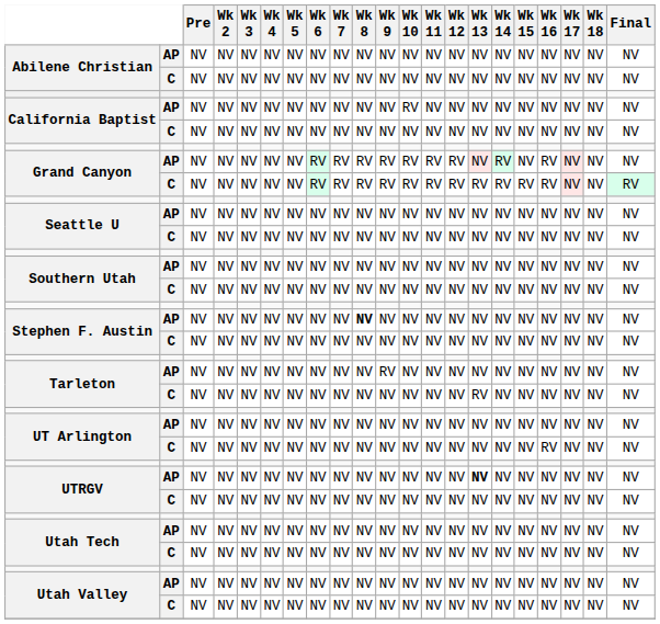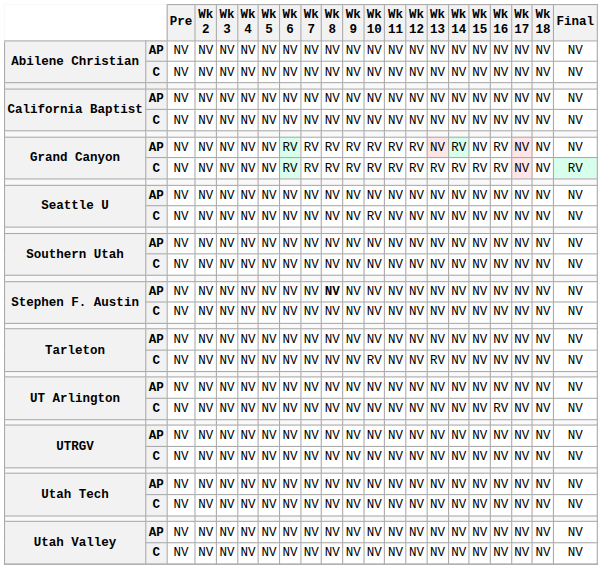 <table class="wikitable" style="white-space:nowrap;font-size:90%;text-align:center;">
 <tr>
 <th colspan=2 style="background:white; border-top-style:hidden; border-left-style:hidden;"> </th>
 <th>Pre</th>
 <th>Wk<br>2</th>
 <th>Wk<br>3</th>
 <th>Wk<br>4</th>
 <th>Wk<br>5</th>
 <th>Wk<br>6</th>
 <th>Wk<br>7</th>
 <th>Wk<br>8</th>
 <th>Wk<br>9</th>
 <th>Wk<br>10</th>
 <th>Wk<br>11</th>
 <th>Wk<br>12</th>
 <th>Wk<br>13</th>
 <th>Wk<br>14</th>
 <th>Wk<br>15</th>
 <th>Wk<br>16</th>
 <th>Wk<br>17</th>
 <th>Wk<br>18</th>
 <th>Final</th>
 </tr>
 <tr>
 <th rowspan=2 style=>Abilene Christian</th>
 <th>AP</th>
 <td style="background:#FFF;">NV</td>
 <td style="background:#FFF;">NV</td>
 <td style="background:#FFF;">NV</td>
 <td style="background:#FFF;">NV</td>
 <td style="background:#FFF;">NV</td>
 <td style="background:#FFF;">NV</td>
 <td style="background:#FFF;">NV</td>
 <td style="background:#FFF;">NV</td>
 <td style="background:#FFF;">NV</td>
 <td style="background:#FFF;">NV</td>
 <td style="background:#FFF;">NV</td>
 <td style="background:#FFF;">NV</td>
 <td style="background:#FFF;">NV</td>
 <td style="background:#FFF;">NV</td>
 <td style="background:#FFF;">NV</td>
 <td style="background:#FFF;">NV</td>
 <td style="background:#FFF;">NV</td>
 <td style="background:#FFF;">NV</td>
 <td style="background:#FFF;">NV</td>
 </tr>
 <tr>
 <th>C</th>
 <td style="background:#FFF;">NV</td>
 <td style="background:#FFF;">NV</td>
 <td style="background:#FFF;">NV</td>
 <td style="background:#FFF;">NV</td>
 <td style="background:#FFF;">NV</td>
 <td style="background:#FFF;">NV</td>
 <td style="background:#FFF;">NV</td>
 <td style="background:#FFF;">NV</td>
 <td style="background:#FFF;">NV</td>
 <td style="background:#FFF;">NV</td>
 <td style="background:#FFF;">NV</td>
 <td style="background:#FFF;">NV</td>
 <td style="background:#FFF;">NV</td>
 <td style="background:#FFF;">NV</td>
 <td style="background:#FFF;">NV</td>
 <td style="background:#FFF;">NV</td>
 <td style="background:#FFF;">NV</td>
 <td style="background:#FFF;">NV</td>
 <td style="background:#FFF;">NV</td>
 </tr>
 <tr>
 <th></th>
 <th></th>
 <td></td>
 <td></td>
 <td></td>
 <td></td>
 <td></td>
 <td></td>
 <td></td>
 <td></td>
 <td></td>
 <td></td>
 <td></td>
 <td></td>
 <td></td>
 <td></td>
 <td></td>
 <td></td>
 <td></td>
 <td></td>
 <td></td>
 </tr>
 <tr>
 <th rowspan="2">California Baptist</th>
 <th>AP</th>
 <td style="background:#FFF;">NV</td>
 <td style="background:#FFF;">NV</td>
 <td style="background:#FFF;">NV</td>
 <td style="background:#FFF;">NV</td>
 <td style="background:#FFF;">NV</td>
 <td style="background:#FFF;">NV</td>
 <td style="background:#FFF;">NV</td>
 <td style="background:#FFF;">NV</td>
 <td style="background:#FFF;">NV</td>
-<td style="background:#FFF;">RV</td>
+<td style="background:#FFF;">NV</td>
 <td style="background:#FFF;">NV</td>
 <td style="background:#FFF;">NV</td>
 <td style="background:#FFF;">NV</td>
 <td style="background:#FFF;">NV</td>
 <td style="background:#FFF;">NV</td>
 <td style="background:#FFF;">NV</td>
 <td style="background:#FFF;">NV</td>
 <td style="background:#FFF;">NV</td>
 <td style="background:#FFF;">NV</td>
 </tr>
 <tr>
 <th>C</th>
 <td style="background:#FFF;">NV</td>
 <td style="background:#FFF;">NV</td>
 <td style="background:#FFF;">NV</td>
 <td style="background:#FFF;">NV</td>
 <td style="background:#FFF;">NV</td>
 <td style="background:#FFF;">NV</td>
 <td style="background:#FFF;">NV</td>
 <td style="background:#FFF;">NV</td>
 <td style="background:#FFF;">NV</td>
 <td style="background:#FFF;">NV</td>
 <td style="background:#FFF;">NV</td>
 <td style="background:#FFF;">NV</td>
 <td style="background:#FFF;">NV</td>
 <td style="background:#FFF;">NV</td>
 <td style="background:#FFF;">NV</td>
 <td style="background:#FFF;">NV</td>
 <td style="background:#FFF;">NV</td>
 <td style="background:#FFF;">NV</td>
 <td style="background:#FFF;">NV</td>
 </tr>
 <tr>
 <td></td>
 <td></td>
 <td></td>
 <td></td>
 <td></td>
 <td></td>
 <td></td>
 <td></td>
 <td></td>
 <td></td>
 <td></td>
 <td></td>
 <td></td>
 <td></td>
 <td></td>
 <td></td>
 <td></td>
 <td></td>
 <td></td>
 <td></td>
 <td></td>
 </tr>
 <tr>
 <th rowspan=2 style=>Grand Canyon</th>
 <th>AP</th>
 <td style="background:#FFF;">NV</td>
 <td style="background:#FFF;">NV</td>
 <td style="background:#FFF;">NV</td>
 <td style="background:#FFF;">NV</td>
 <td style="background:#FFF;">NV</td>
 <td style="background:#d8ffeb;">RV</td>
 <td style="background:#FFF;">RV</td>
 <td style="background:#FFF;">RV</td>
 <td style="background:#FFF;">RV</td>
 <td style="background:#FFF;">RV</td>
 <td style="background:#FFF;">RV</td>
 <td style="background:#FFF;">RV</td>
 <td style="background:#ffe6e6;">NV</td>
 <td style="background:#d8ffeb;">RV</td>
 <td style="background:#FFF;">NV</td>
 <td style="background:#FFF;">RV</td>
 <td style="background:#ffe6e6;">NV</td>
 <td style="background:#FFF;">NV</td>
 <td style="background:#FFF;">NV</td>
 </tr>
 <tr>
 <th>C</th>
 <td style="background:#FFF;">NV</td>
 <td style="background:#FFF;">NV</td>
 <td style="background:#FFF;">NV</td>
 <td style="background:#FFF;">NV</td>
 <td style="background:#FFF;">NV</td>
 <td style="background:#d8ffeb;">RV</td>
 <td style="background:#FFF;">RV</td>
 <td style="background:#FFF;">RV</td>
 <td style="background:#FFF;">RV</td>
 <td style="background:#FFF;">RV</td>
 <td style="background:#FFF;">RV</td>
 <td style="background:#FFF;">RV</td>
 <td style="background:#FFF;">RV</td>
 <td style="background:#FFF;">RV</td>
 <td style="background:#FFF;">RV</td>
 <td style="background:#FFF;">RV</td>
 <td style="background:#ffe6e6;">NV</td>
 <td style="background:#FFF;">NV</td>
 <td style="background:#d8ffeb;">RV</td>
 </tr>
 <tr>
 <td></td>
 <td></td>
 <td></td>
 <td></td>
 <td></td>
 <td></td>
 <td></td>
 <td></td>
 <td></td>
 <td></td>
 <td></td>
 <td></td>
 <td></td>
 <td></td>
 <td></td>
 <td></td>
 <td></td>
 <td></td>
 <td></td>
 <td></td>
 <td></td>
 </tr>
 <tr>
 <th rowspan="2">Seattle U</th>
 <th>AP</th>
 <td style="background:#FFF;">NV</td>
 <td style="background:#FFF;">NV</td>
 <td style="background:#FFF;">NV</td>
 <td style="background:#FFF;">NV</td>
 <td style="background:#FFF;">NV</td>
 <td style="background:#FFF;">NV</td>
 <td style="background:#FFF;">NV</td>
 <td style="background:#FFF;">NV</td>
 <td style="background:#FFF;">NV</td>
 <td style="background:#FFF;">NV</td>
 <td style="background:#FFF;">NV</td>
 <td style="background:#FFF;">NV</td>
 <td style="background:#FFF;">NV</td>
 <td style="background:#FFF;">NV</td>
 <td style="background:#FFF;">NV</td>
 <td style="background:#FFF;">NV</td>
 <td style="background:#FFF;">NV</td>
 <td style="background:#FFF;">NV</td>
 <td style="background:#FFF;">NV</td>
 </tr>
 <tr>
 <th>C</th>
 <td style="background:#FFF;">NV</td>
 <td style="background:#FFF;">NV</td>
 <td style="background:#FFF;">NV</td>
 <td style="background:#FFF;">NV</td>
 <td style="background:#FFF;">NV</td>
 <td style="background:#FFF;">NV</td>
 <td style="background:#FFF;">NV</td>
 <td style="background:#FFF;">NV</td>
 <td style="background:#FFF;">NV</td>
-<td style="background:#FFF;">NV</td>
+<td style="background:#FFF;">RV</td>
 <td style="background:#FFF;">NV</td>
 <td style="background:#FFF;">NV</td>
 <td style="background:#FFF;">NV</td>
 <td style="background:#FFF;">NV</td>
 <td style="background:#FFF;">NV</td>
 <td style="background:#FFF;">NV</td>
 <td style="background:#FFF;">NV</td>
 <td style="background:#FFF;">NV</td>
 <td style="background:#FFF;">NV</td>
 </tr>
 <tr>
 <td></td>
 <td></td>
 <td></td>
 <td></td>
 <td></td>
 <td></td>
 <td></td>
 <td></td>
 <td></td>
 <td></td>
 <td></td>
 <td></td>
 <td></td>
 <td></td>
 <td></td>
 <td></td>
 <td></td>
 <td></td>
 <td></td>
 <td></td>
 <td></td>
 </tr>
 <tr>
 <th rowspan=2 style=>Southern Utah</th>
 <th>AP</th>
 <td style="background:#FFF;">NV</td>
 <td style="background:#FFF;">NV</td>
 <td style="background:#FFF;">NV</td>
 <td style="background:#FFF;">NV</td>
 <td style="background:#FFF;">NV</td>
 <td style="background:#FFF;">NV</td>
 <td style="background:#FFF;">NV</td>
 <td style="background:#FFF;">NV</td>
 <td style="background:#FFF;">NV</td>
 <td style="background:#FFF;">NV</td>
 <td style="background:#FFF;">NV</td>
 <td style="background:#FFF;">NV</td>
 <td style="background:#FFF;">NV</td>
 <td style="background:#FFF;">NV</td>
 <td style="background:#FFF;">NV</td>
 <td style="background:#FFF;">NV</td>
 <td style="background:#FFF;">NV</td>
 <td style="background:#FFF;">NV</td>
 <td style="background:#FFF;">NV</td>
 </tr>
 <tr>
 <th>C</th>
 <td style="background:#FFF;">NV</td>
 <td style="background:#FFF;">NV</td>
 <td style="background:#FFF;">NV</td>
 <td style="background:#FFF;">NV</td>
 <td style="background:#FFF;">NV</td>
 <td style="background:#FFF;">NV</td>
 <td style="background:#FFF;">NV</td>
 <td style="background:#FFF;">NV</td>
 <td style="background:#FFF;">NV</td>
 <td style="background:#FFF;">NV</td>
 <td style="background:#FFF;">NV</td>
 <td style="background:#FFF;">NV</td>
 <td style="background:#FFF;">NV</td>
 <td style="background:#FFF;">NV</td>
 <td style="background:#FFF;">NV</td>
 <td style="background:#FFF;">NV</td>
 <td style="background:#FFF;">NV</td>
 <td style="background:#FFF;">NV</td>
 <td style="background:#FFF;">NV</td>
 </tr>
 <tr>
 <td></td>
 <td></td>
 <td></td>
 <td></td>
 <td></td>
 <td></td>
 <td></td>
 <td></td>
 <td></td>
 <td></td>
 <td></td>
 <td></td>
 <td></td>
 <td></td>
 <td></td>
 <td></td>
 <td></td>
 <td></td>
 <td></td>
 <td></td>
 <td></td>
 </tr>
 <tr>
 <th rowspan=2 style=>Stephen F. Austin</th>
 <th>AP</th>
 <td style="background:#FFF;">NV</td>
 <td style="background:#FFF;">NV</td>
 <td style="background:#FFF;">NV</td>
 <td style="background:#FFF;">NV</td>
 <td style="background:#FFF;">NV</td>
 <td style="background:#FFF;">NV</td>
 <td style="background:#FFF;">NV</td>
 <td style="background:#FFF;"><strong>NV</strong></td>
 <td style="background:#FFF;">NV</td>
 <td style="background:#FFF;">NV</td>
 <td style="background:#FFF;">NV</td>
 <td style="background:#FFF;">NV</td>
 <td style="background:#FFF;">NV</td>
 <td style="background:#FFF;">NV</td>
 <td style="background:#FFF;">NV</td>
 <td style="background:#FFF;">NV</td>
 <td style="background:#FFF;">NV</td>
 <td style="background:#FFF;">NV</td>
 <td style="background:#FFF;">NV</td>
 </tr>
 <tr>
 <th>C</th>
 <td style="background:#FFF;">NV</td>
 <td style="background:#FFF;">NV</td>
 <td style="background:#FFF;">NV</td>
 <td style="background:#FFF;">NV</td>
 <td style="background:#FFF;">NV</td>
 <td style="background:#FFF;">NV</td>
 <td style="background:#FFF;">NV</td>
 <td style="background:#FFF;">NV</td>
 <td style="background:#FFF;">NV</td>
 <td style="background:#FFF;">NV</td>
 <td style="background:#FFF;">NV</td>
 <td style="background:#FFF;">NV</td>
 <td style="background:#FFF;">NV</td>
 <td style="background:#FFF;">NV</td>
 <td style="background:#FFF;">NV</td>
 <td style="background:#FFF;">NV</td>
 <td style="background:#FFF;">NV</td>
 <td style="background:#FFF;">NV</td>
 <td style="background:#FFF;">NV</td>
 </tr>
 <tr>
 <td></td>
 <td></td>
 <td></td>
 <td></td>
 <td></td>
 <td></td>
 <td></td>
 <td></td>
 <td></td>
 <td></td>
 <td></td>
 <td></td>
 <td></td>
 <td></td>
 <td></td>
 <td></td>
 <td></td>
 <td></td>
 <td></td>
 <td></td>
 <td></td>
 </tr>
 <tr>
 <th rowspan=2 style=>Tarleton</th>
 <th>AP</th>
 <td style="background:#FFF;">NV</td>
 <td style="background:#FFF;">NV</td>
 <td style="background:#FFF;">NV</td>
 <td style="background:#FFF;">NV</td>
 <td style="background:#FFF;">NV</td>
 <td style="background:#FFF;">NV</td>
 <td style="background:#FFF;">NV</td>
 <td style="background:#FFF;">NV</td>
-<td style="background:#FFF;">RV</td>
+<td style="background:#FFF;">NV</td>
 <td style="background:#FFF;">NV</td>
 <td style="background:#FFF;">NV</td>
 <td style="background:#FFF;">NV</td>
 <td style="background:#FFF;">NV</td>
 <td style="background:#FFF;">NV</td>
 <td style="background:#FFF;">NV</td>
 <td style="background:#FFF;">NV</td>
 <td style="background:#FFF;">NV</td>
 <td style="background:#FFF;">NV</td>
 <td style="background:#FFF;">NV</td>
 </tr>
 <tr>
 <th>C</th>
 <td style="background:#FFF;">NV</td>
 <td style="background:#FFF;">NV</td>
 <td style="background:#FFF;">NV</td>
 <td style="background:#FFF;">NV</td>
 <td style="background:#FFF;">NV</td>
 <td style="background:#FFF;">NV</td>
 <td style="background:#FFF;">NV</td>
 <td style="background:#FFF;">NV</td>
 <td style="background:#FFF;">NV</td>
-<td style="background:#FFF;">NV</td>
+<td style="background:#FFF;">RV</td>
 <td style="background:#FFF;">NV</td>
 <td style="background:#FFF;">NV</td>
 <td style="background:#FFF;">RV</td>
 <td style="background:#FFF;">NV</td>
 <td style="background:#FFF;">NV</td>
 <td style="background:#FFF;">NV</td>
 <td style="background:#FFF;">NV</td>
 <td style="background:#FFF;">NV</td>
 <td style="background:#FFF;">NV</td>
 </tr>
 <tr>
 <td></td>
 <td></td>
 <td></td>
 <td></td>
 <td></td>
 <td></td>
 <td></td>
 <td></td>
 <td></td>
 <td></td>
 <td></td>
 <td></td>
 <td></td>
 <td></td>
 <td></td>
 <td></td>
 <td></td>
 <td></td>
 <td></td>
 <td></td>
 <td></td>
 </tr>
 <tr>
 <th rowspan=2 style=>UT Arlington</th>
 <th>AP</th>
 <td style="background:#FFF;">NV</td>
 <td style="background:#FFF;">NV</td>
 <td style="background:#FFF;">NV</td>
 <td style="background:#FFF;">NV</td>
 <td style="background:#FFF;">NV</td>
 <td style="background:#FFF;">NV</td>
 <td style="background:#FFF;">NV</td>
 <td style="background:#FFF;">NV</td>
 <td style="background:#FFF;">NV</td>
 <td style="background:#FFF;">NV</td>
 <td style="background:#FFF;">NV</td>
 <td style="background:#FFF;">NV</td>
 <td style="background:#FFF;">NV</td>
 <td style="background:#FFF;">NV</td>
 <td style="background:#FFF;">NV</td>
 <td style="background:#FFF;">NV</td>
 <td style="background:#FFF;">NV</td>
 <td style="background:#FFF;">NV</td>
 <td style="background:#FFF;">NV</td>
 </tr>
 <tr>
 <th>C</th>
 <td style="background:#FFF;">NV</td>
 <td style="background:#FFF;">NV</td>
 <td style="background:#FFF;">NV</td>
 <td style="background:#FFF;">NV</td>
 <td style="background:#FFF;">NV</td>
 <td style="background:#FFF;">NV</td>
 <td style="background:#FFF;">NV</td>
 <td style="background:#FFF;">NV</td>
 <td style="background:#FFF;">NV</td>
 <td style="background:#FFF;">NV</td>
 <td style="background:#FFF;">NV</td>
 <td style="background:#FFF;">NV</td>
 <td style="background:#FFF;">NV</td>
 <td style="background:#FFF;">NV</td>
 <td style="background:#FFF;">NV</td>
 <td style="background:#FFF;">RV</td>
 <td style="background:#FFF;">NV</td>
 <td style="background:#FFF;">NV</td>
 <td style="background:#FFF;">NV</td>
 </tr>
 <tr>
 <td></td>
 <td></td>
 <td></td>
 <td></td>
 <td></td>
 <td></td>
 <td></td>
 <td></td>
 <td></td>
 <td></td>
 <td></td>
 <td></td>
 <td></td>
 <td></td>
 <td></td>
 <td></td>
 <td></td>
 <td></td>
 <td></td>
 <td></td>
 <td></td>
 </tr>
 <tr>
 <th rowspan=2 style=>UTRGV</th>
 <th>AP</th>
 <td style="background:#FFF;">NV</td>
 <td style="background:#FFF;">NV</td>
 <td style="background:#FFF;">NV</td>
 <td style="background:#FFF;">NV</td>
 <td style="background:#FFF;">NV</td>
 <td style="background:#FFF;">NV</td>
 <td style="background:#FFF;">NV</td>
 <td style="background:#FFF;">NV</td>
 <td style="background:#FFF;">NV</td>
 <td style="background:#FFF;">NV</td>
 <td style="background:#FFF;">NV</td>
 <td style="background:#FFF;">NV</td>
-<td style="background:#FFF;"><strong>NV</strong></td>
+<td style="background:#FFF;">NV</td>
 <td style="background:#FFF;">NV</td>
 <td style="background:#FFF;">NV</td>
 <td style="background:#FFF;">NV</td>
 <td style="background:#FFF;">NV</td>
 <td style="background:#FFF;">NV</td>
 <td style="background:#FFF;">NV</td>
 </tr>
 <tr>
 <th>C</th>
 <td style="background:#FFF;">NV</td>
 <td style="background:#FFF;">NV</td>
 <td style="background:#FFF;">NV</td>
 <td style="background:#FFF;">NV</td>
 <td style="background:#FFF;">NV</td>
 <td style="background:#FFF;">NV</td>
 <td style="background:#FFF;">NV</td>
 <td style="background:#FFF;">NV</td>
 <td style="background:#FFF;">NV</td>
 <td style="background:#FFF;">NV</td>
 <td style="background:#FFF;">NV</td>
 <td style="background:#FFF;">NV</td>
 <td style="background:#FFF;">NV</td>
 <td style="background:#FFF;">NV</td>
 <td style="background:#FFF;">NV</td>
 <td style="background:#FFF;">NV</td>
 <td style="background:#FFF;">NV</td>
 <td style="background:#FFF;">NV</td>
 <td style="background:#FFF;">NV</td>
 </tr>
 <tr>
 <td></td>
 <td></td>
 <td></td>
 <td></td>
 <td></td>
 <td></td>
 <td></td>
 <td></td>
 <td></td>
 <td></td>
 <td></td>
 <td></td>
 <td></td>
 <td></td>
 <td></td>
 <td></td>
 <td></td>
 <td></td>
 <td></td>
 <td></td>
 <td></td>
 </tr>
 <tr>
 <th rowspan=2 style=>Utah Tech</th>
 <th>AP</th>
 <td style="background:#FFF;">NV</td>
 <td style="background:#FFF;">NV</td>
 <td style="background:#FFF;">NV</td>
 <td style="background:#FFF;">NV</td>
 <td style="background:#FFF;">NV</td>
 <td style="background:#FFF;">NV</td>
 <td style="background:#FFF;">NV</td>
 <td style="background:#FFF;">NV</td>
 <td style="background:#FFF;">NV</td>
 <td style="background:#FFF;">NV</td>
 <td style="background:#FFF;">NV</td>
 <td style="background:#FFF;">NV</td>
 <td style="background:#FFF;">NV</td>
 <td style="background:#FFF;">NV</td>
 <td style="background:#FFF;">NV</td>
 <td style="background:#FFF;">NV</td>
 <td style="background:#FFF;">NV</td>
 <td style="background:#FFF;">NV</td>
 <td style="background:#FFF;">NV</td>
 </tr>
 <tr>
 <th>C</th>
 <td style="background:#FFF;">NV</td>
 <td style="background:#FFF;">NV</td>
 <td style="background:#FFF;">NV</td>
 <td style="background:#FFF;">NV</td>
 <td style="background:#FFF;">NV</td>
 <td style="background:#FFF;">NV</td>
 <td style="background:#FFF;">NV</td>
 <td style="background:#FFF;">NV</td>
 <td style="background:#FFF;">NV</td>
 <td style="background:#FFF;">NV</td>
 <td style="background:#FFF;">NV</td>
 <td style="background:#FFF;">NV</td>
 <td style="background:#FFF;">NV</td>
 <td style="background:#FFF;">NV</td>
 <td style="background:#FFF;">NV</td>
 <td style="background:#FFF;">NV</td>
 <td style="background:#FFF;">NV</td>
 <td style="background:#FFF;">NV</td>
 <td style="background:#FFF;">NV</td>
 </tr>
 <tr>
 <td></td>
 <td></td>
 <td></td>
 <td></td>
 <td></td>
 <td></td>
 <td></td>
 <td></td>
 <td></td>
 <td></td>
 <td></td>
 <td></td>
 <td></td>
 <td></td>
 <td></td>
 <td></td>
 <td></td>
 <td></td>
 <td></td>
 <td></td>
 <td></td>
 </tr>
 <tr>
 <th rowspan=2 style=>Utah Valley</th>
 <th>AP</th>
 <td style="background:#FFF;">NV</td>
 <td style="background:#FFF;">NV</td>
 <td style="background:#FFF;">NV</td>
 <td style="background:#FFF;">NV</td>
 <td style="background:#FFF;">NV</td>
 <td style="background:#FFF;">NV</td>
 <td style="background:#FFF;">NV</td>
 <td style="background:#FFF;">NV</td>
 <td style="background:#FFF;">NV</td>
 <td style="background:#FFF;">NV</td>
 <td style="background:#FFF;">NV</td>
 <td style="background:#FFF;">NV</td>
 <td style="background:#FFF;">NV</td>
 <td style="background:#FFF;">NV</td>
 <td style="background:#FFF;">NV</td>
 <td style="background:#FFF;">NV</td>
 <td style="background:#FFF;">NV</td>
 <td style="background:#FFF;">NV</td>
 <td style="background:#FFF;">NV</td>
 </tr>
 <tr>
 <th>C</th>
 <td style="background:#FFF;">NV</td>
 <td style="background:#FFF;">NV</td>
 <td style="background:#FFF;">NV</td>
 <td style="background:#FFF;">NV</td>
 <td style="background:#FFF;">NV</td>
 <td style="background:#FFF;">NV</td>
 <td style="background:#FFF;">NV</td>
 <td style="background:#FFF;">NV</td>
 <td style="background:#FFF;">NV</td>
 <td style="background:#FFF;">NV</td>
 <td style="background:#FFF;">NV</td>
 <td style="background:#FFF;">NV</td>
 <td style="background:#FFF;">NV</td>
 <td style="background:#FFF;">NV</td>
 <td style="background:#FFF;">NV</td>
 <td style="background:#FFF;">NV</td>
 <td style="background:#FFF;">NV</td>
 <td style="background:#FFF;">NV</td>
 <td style="background:#FFF;">NV</td>
 </tr>
 <tr>
 </tr>
 <tr>
 </tr>
 </table>
